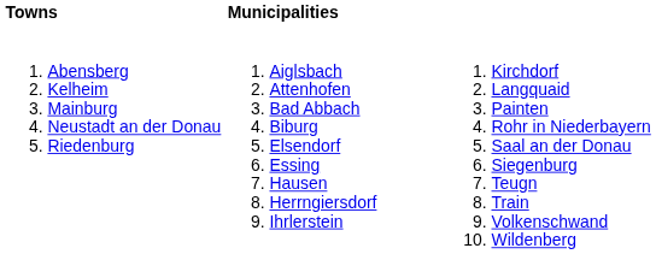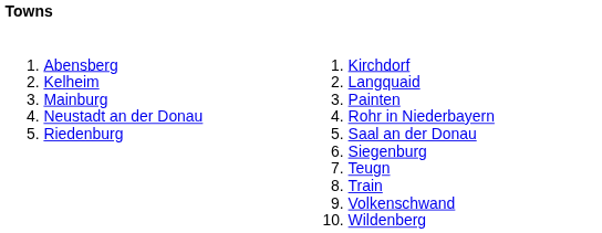 <table>
 <tr>
 <th align=left width=33%>Towns</th>
-<th align=left width=33%>Municipalities</th>
 <th align=left width=33%></th>
 </tr>
 <tr valign=top>
 <td><br><ol><li><a href='#'>Abensberg</a></li><li><a href='#'>Kelheim</a></li><li><a href='#'>Mainburg</a></li><li><a href='#'>Neustadt an der Donau</a></li><li><a href='#'>Riedenburg</a></li></ol></td>
-<td><br><ol><li><a href='#'>Aiglsbach</a></li><li><a href='#'>Attenhofen</a></li><li><a href='#'>Bad Abbach</a></li><li><a href='#'>Biburg</a></li><li><a href='#'>Elsendorf</a></li><li><a href='#'>Essing</a></li><li><a href='#'>Hausen</a></li><li><a href='#'>Herrngiersdorf</a></li><li><a href='#'>Ihrlerstein</a></li></ol></td>
 <td><br><ol> <li><a href='#'>Kirchdorf</a> <li><a href='#'>Langquaid</a> <li><a href='#'>Painten</a> <li><a href='#'>Rohr in Niederbayern</a> <li><a href='#'>Saal an der Donau</a> <li><a href='#'>Siegenburg</a> <li><a href='#'>Teugn</a> <li><a href='#'>Train</a> <li><a href='#'>Volkenschwand</a> <li><a href='#'>Wildenberg</a> </ol></td>
 </tr>
 </table>
